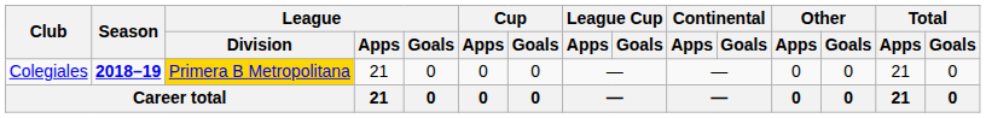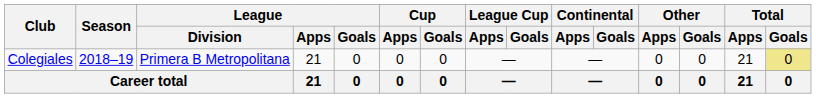 <table class="wikitable" style="text-align:center">
 <tr>
 <th rowspan="2">Club</th>
 <th rowspan="2">Season</th>
 <th colspan="3">League</th>
 <th colspan="2">Cup</th>
 <th colspan="2">League Cup</th>
 <th colspan="2">Continental</th>
 <th colspan="2">Other</th>
 <th colspan="2">Total</th>
 </tr>
 <tr>
 <th>Division</th>
 <th>Apps</th>
 <th>Goals</th>
 <th>Apps</th>
 <th>Goals</th>
 <th>Apps</th>
 <th>Goals</th>
 <th>Apps</th>
 <th>Goals</th>
 <th>Apps</th>
 <th>Goals</th>
 <th>Apps</th>
 <th>Goals</th>
 </tr>
 <tr>
 <td rowspan="1"><a href='#'>Colegiales</a></td>
-<td><strong><a href='#'>2018–19</a></strong></td>
-<td rowspan="1" style="background: gold;"><a href='#'>Primera B Metropolitana</a></td>
+<td><a href='#'>2018–19</a></td>
+<td rowspan="1"><a href='#'>Primera B Metropolitana</a></td>
 <td>21</td>
 <td>0</td>
 <td>0</td>
 <td>0</td>
 <td colspan="2">—</td>
 <td colspan="2">—</td>
 <td>0</td>
 <td>0</td>
 <td>21</td>
-<td>0</td>
+<td style="background: khaki;">0</td>
 </tr>
 <tr>
 <th colspan="3">Career total</th>
 <th>21</th>
 <th>0</th>
 <th>0</th>
 <th>0</th>
 <th colspan="2">—</th>
 <th colspan="2">—</th>
 <th>0</th>
 <th>0</th>
 <th>21</th>
 <th>0</th>
 </tr>
 </table>
